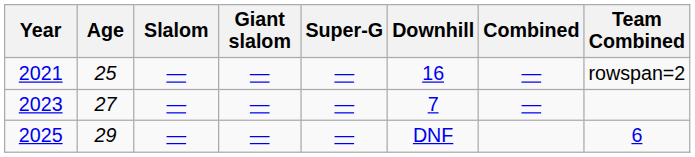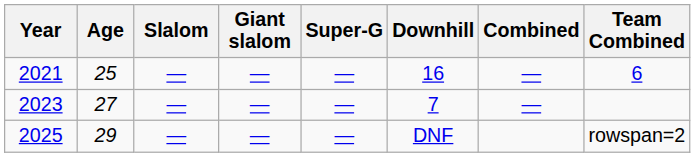 <table class=wikitable style="text-align:center">
 <tr>
 <th>  Year  </th>
 <th> Age </th>
 <th> Slalom </th>
 <th> Giant <br> slalom </th>
 <th>Super-G</th>
 <th>Downhill</th>
 <th>Combined</th>
 <th>Team<br>Combined</th>
 </tr>
 <tr>
 <td><a href='#'>2021</a></td>
 <td><em>25</em></td>
 <td><a href='#'>—</a></td>
 <td><a href='#'>—</a></td>
 <td><a href='#'>—</a></td>
 <td><a href='#'>16</a></td>
 <td><a href='#'>—</a></td>
-<td>rowspan=2</td>
+<td><a href='#'>6</a></td>
 </tr>
 <tr>
 <td><a href='#'>2023</a></td>
 <td><em>27</em></td>
 <td><a href='#'>—</a></td>
 <td><a href='#'>—</a></td>
 <td><a href='#'>—</a></td>
 <td><a href='#'>7</a></td>
 <td><a href='#'>—</a></td>
 </tr>
 <tr>
 <td><a href='#'>2025</a></td>
 <td><em>29</em></td>
 <td><a href='#'>—</a></td>
 <td><a href='#'>—</a></td>
 <td><a href='#'>—</a></td>
 <td><a href='#'>DNF</a></td>
 <td></td>
-<td><a href='#'>6</a></td>
+<td>rowspan=2</td>
 </tr>
 </table>
